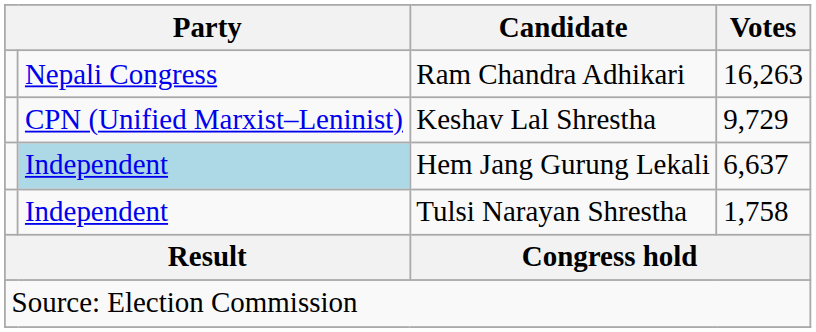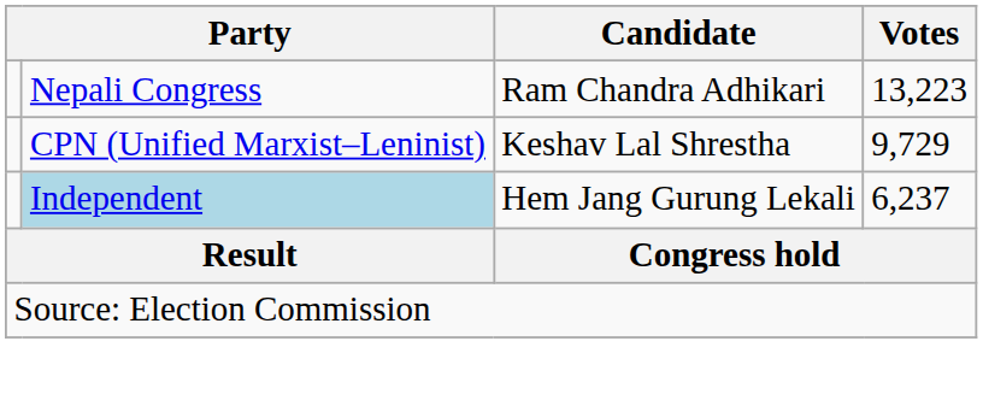 <table class="wikitable">
 <tr>
 <th colspan="2">Party</th>
 <th>Candidate</th>
 <th>Votes</th>
 </tr>
 <tr>
 <td style="background-color:"></td>
 <td><a href='#'>Nepali Congress</a></td>
 <td>Ram Chandra Adhikari</td>
-<td>16,263</td>
+<td>13,223</td>
 </tr>
 <tr>
 <td style="background-color:"></td>
 <td><a href='#'>CPN (Unified Marxist–Leninist)</a></td>
 <td>Keshav Lal Shrestha</td>
 <td>9,729</td>
 </tr>
 <tr>
 <td style="background-color:"></td>
 <td style="background: lightblue;"><a href='#'>Independent</a></td>
 <td>Hem Jang Gurung Lekali</td>
-<td>6,637</td>
-</tr>
-<tr>
-<td style="background-color:"></td>
-<td><a href='#'>Independent</a></td>
-<td>Tulsi Narayan Shrestha</td>
-<td>1,758</td>
+<td>6,237</td>
 </tr>
 <tr>
 <th colspan="2">Result</th>
 <th colspan="2">Congress hold</th>
 </tr>
 <tr>
 <td colspan="4">Source: Election Commission</td>
 </tr>
 </table>
